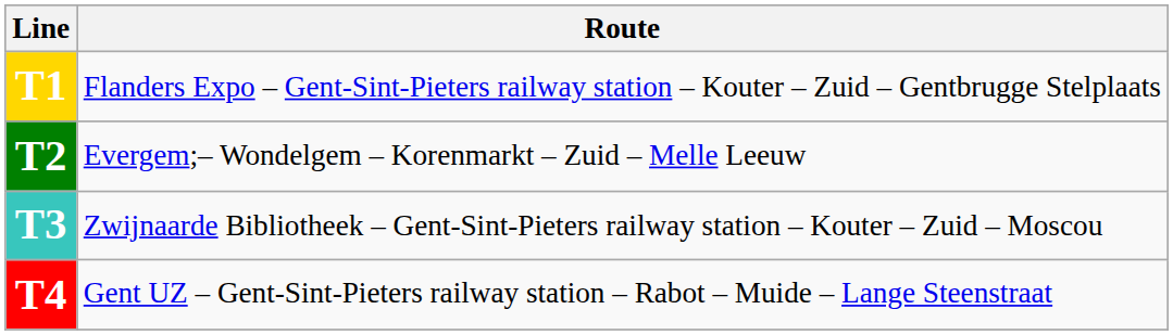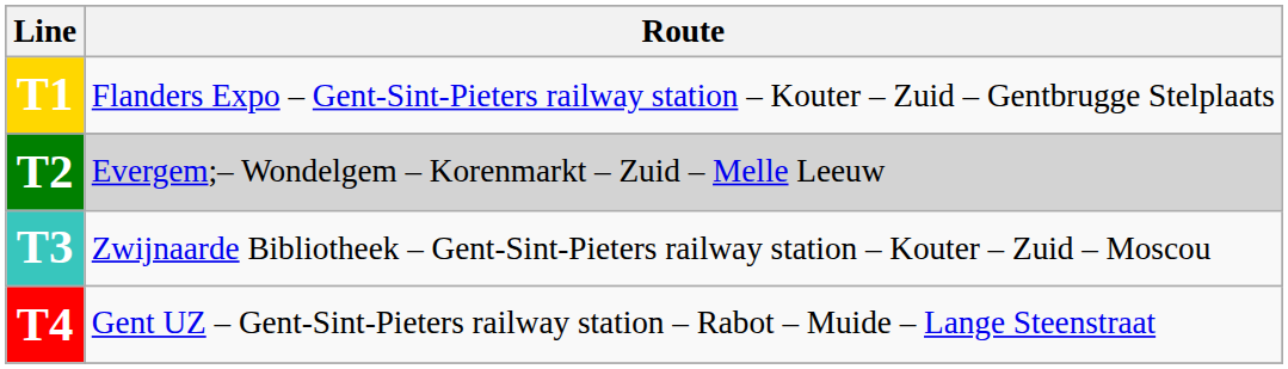 <table class="wikitable">
 <tr>
 <th>Line</th>
 <th>Route</th>
 </tr>
 <tr>
 <td align="center" style="background-color:#FFD700; color:white; font-size:150%;"><strong>T1</strong></td>
 <td><a href='#'>Flanders Expo</a> – <a href='#'>Gent-Sint-Pieters railway station</a> – Kouter – Zuid – Gentbrugge Stelplaats</td>
 </tr>
 <tr>
 <td align="center" style="background-color:#008000; color:white; font-size:150%;"><strong>T2</strong></td>
-<td><a href='#'>Evergem</a>;– Wondelgem – Korenmarkt – Zuid – <a href='#'>Melle</a> Leeuw</td>
+<td style="background: lightgrey;"><a href='#'>Evergem</a>;– Wondelgem – Korenmarkt – Zuid – <a href='#'>Melle</a> Leeuw</td>
 </tr>
 <tr>
 <td align="center" style="background-color:#38C6BD; color:white; font-size:150%;"><strong>T3</strong></td>
 <td><a href='#'>Zwijnaarde</a> Bibliotheek – Gent-Sint-Pieters railway station – Kouter – Zuid – Moscou</td>
 </tr>
 <tr>
 <td align="center" style="background-color:#FF0000; color:white; font-size:150%;"><strong>T4</strong></td>
 <td><a href='#'>Gent UZ</a> – Gent-Sint-Pieters railway station – Rabot – Muide – <a href='#'>Lange Steenstraat</a></td>
 </tr>
 </table>
